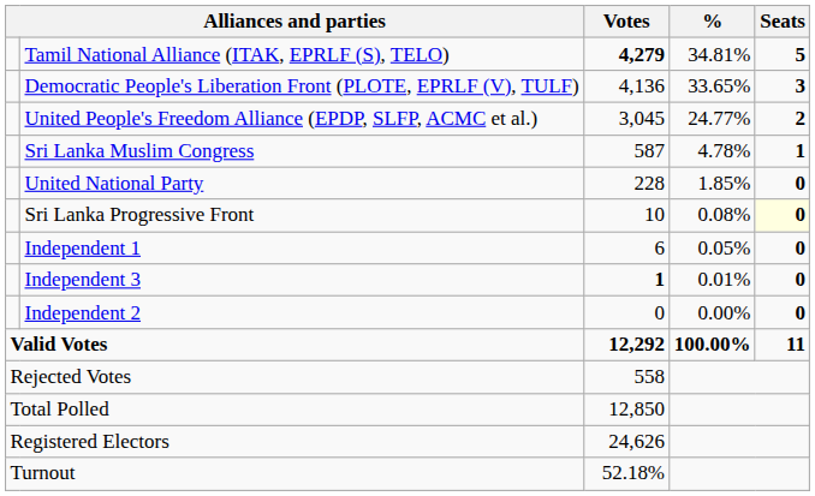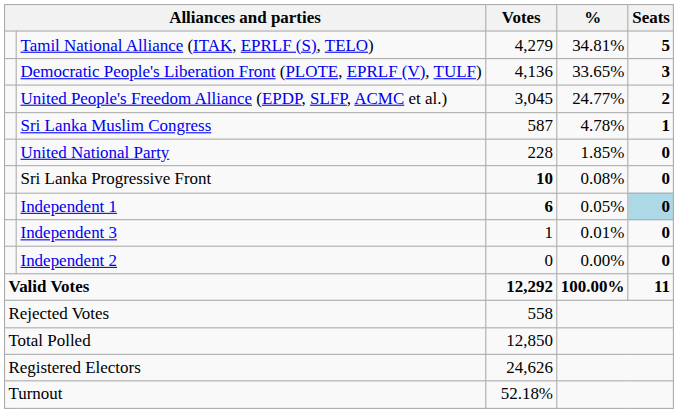 <table class="wikitable" border="1" style="text-align:right;">
 <tr>
 <th valign=bottom align=left colspan=2>Alliances and parties</th>
 <th valign=bottom align=center width="60">Votes</th>
 <th valign=bottom align=center width="50">%</th>
 <th valign=bottom align=center>Seats</th>
 </tr>
 <tr>
 <td bgcolor=> </td>
 <td align=left><a href='#'>Tamil National Alliance</a> (<a href='#'>ITAK</a>, <a href='#'>EPRLF (S)</a>, <a href='#'>TELO</a>)</td>
-<td><strong>4,279</strong></td>
+<td>4,279</td>
 <td>34.81%</td>
 <td><strong>5</strong></td>
 </tr>
 <tr>
 <td bgcolor=> </td>
 <td align=left><a href='#'>Democratic People's Liberation Front</a> (<a href='#'>PLOTE</a>, <a href='#'>EPRLF (V)</a>, <a href='#'>TULF</a>)</td>
 <td>4,136</td>
 <td>33.65%</td>
 <td><strong>3</strong></td>
 </tr>
 <tr>
 <td bgcolor=> </td>
 <td align=left><a href='#'>United People's Freedom Alliance</a> (<a href='#'>EPDP</a>, <a href='#'>SLFP</a>, <a href='#'>ACMC</a> et al.)</td>
 <td>3,045</td>
 <td>24.77%</td>
 <td><strong>2</strong></td>
 </tr>
 <tr>
 <td bgcolor=> </td>
 <td align=left><a href='#'>Sri Lanka Muslim Congress</a></td>
 <td>587</td>
 <td>4.78%</td>
 <td><strong>1</strong></td>
 </tr>
 <tr>
 <td bgcolor=> </td>
 <td align=left><a href='#'>United National Party</a></td>
 <td>228</td>
 <td>1.85%</td>
 <td><strong>0</strong></td>
 </tr>
 <tr>
 <td></td>
 <td align=left>Sri Lanka Progressive Front</td>
-<td>10</td>
+<td><strong>10</strong></td>
 <td>0.08%</td>
-<td style="background: lightyellow;"><strong>0</strong></td>
+<td><strong>0</strong></td>
 </tr>
 <tr>
 <td></td>
 <td align=left><a href='#'>Independent 1</a></td>
-<td>6</td>
+<td><strong>6</strong></td>
 <td>0.05%</td>
-<td><strong>0</strong></td>
+<td style="background: lightblue;"><strong>0</strong></td>
 </tr>
 <tr>
 <td></td>
 <td align=left><a href='#'>Independent 3</a></td>
-<td><strong>1</strong></td>
+<td>1</td>
 <td>0.01%</td>
 <td><strong>0</strong></td>
 </tr>
 <tr>
 <td></td>
 <td align=left><a href='#'>Independent 2</a></td>
 <td>0</td>
 <td>0.00%</td>
 <td><strong>0</strong></td>
 </tr>
 <tr>
 <td colspan=2 align=left><strong>Valid Votes</strong></td>
 <td><strong>12,292</strong></td>
 <td><strong>100.00%</strong></td>
 <td><strong>11</strong></td>
 </tr>
 <tr>
 <td colspan=2 align=left>Rejected Votes</td>
 <td>558</td>
 <td colspan=2></td>
 </tr>
 <tr>
 <td colspan=2 align=left>Total Polled</td>
 <td>12,850</td>
 <td colspan=2></td>
 </tr>
 <tr>
 <td colspan=2 align=left>Registered Electors</td>
 <td>24,626</td>
 <td colspan=2></td>
 </tr>
 <tr>
 <td colspan=2 align=left>Turnout</td>
 <td>52.18%</td>
 <td colspan=2></td>
 </tr>
 </table>
